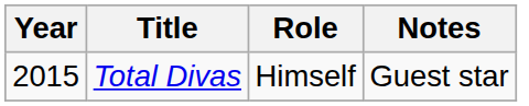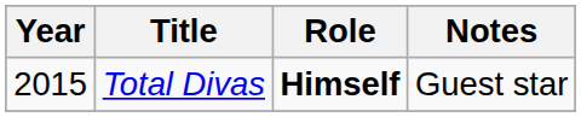 <table class="wikitable sortable">
 <tr>
 <th>Year</th>
 <th>Title</th>
 <th>Role</th>
 <th class="unsortable">Notes</th>
 </tr>
 <tr>
 <td>2015</td>
 <td><em><a href='#'>Total Divas</a></em></td>
-<td>Himself</td>
+<td><strong>Himself</strong></td>
 <td>Guest star</td>
 </tr>
 </table>
